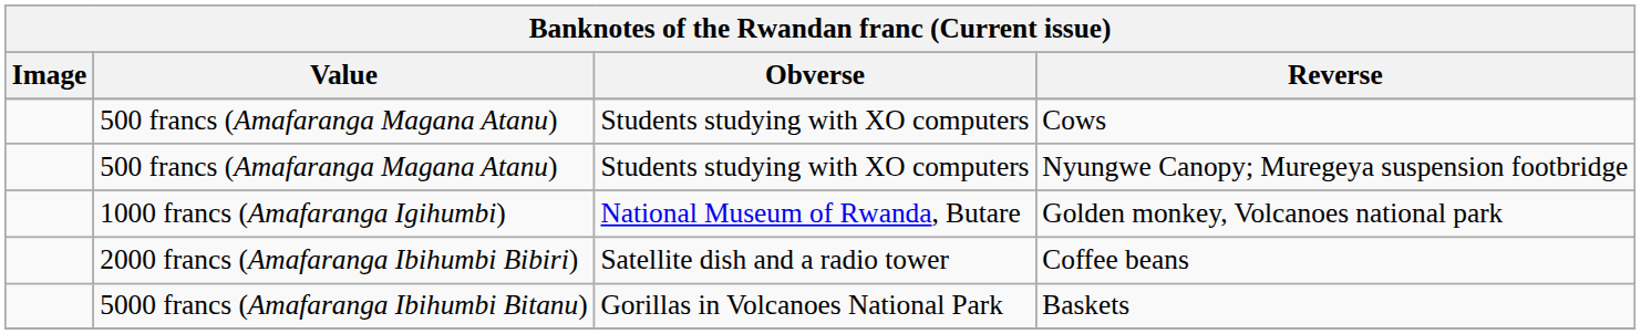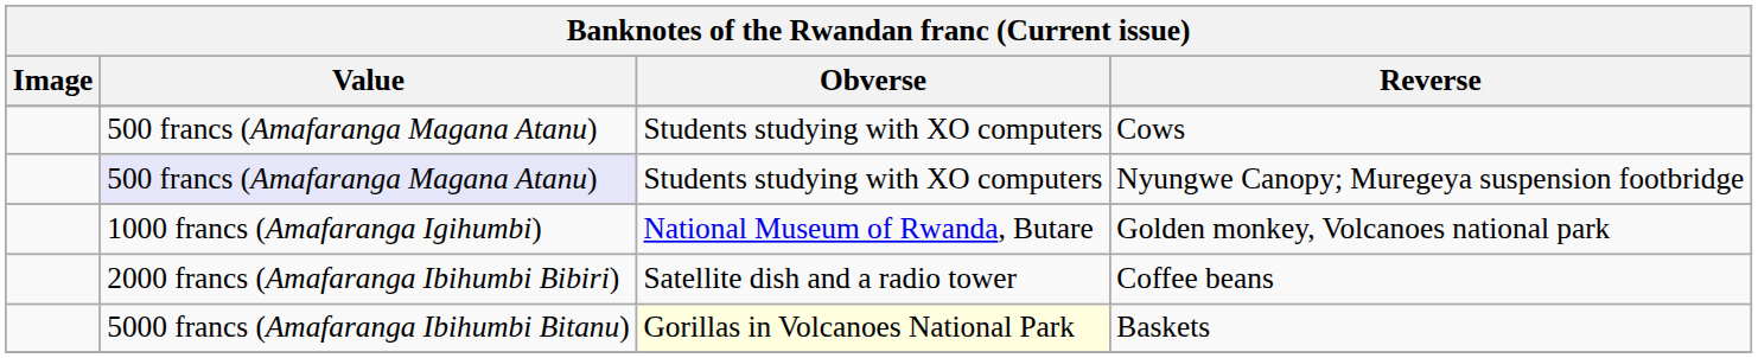 <table class="wikitable" style="font-size: 90%">
 <tr>
 <th colspan="5">Banknotes of the Rwandan franc (Current issue)</th>
 </tr>
 <tr>
 <th>Image</th>
 <th>Value</th>
 <th>Obverse</th>
 <th>Reverse</th>
 </tr>
 <tr>
 </tr>
 <tr>
 <td></td>
 <td>500 francs (<em>Amafaranga Magana Atanu</em>)</td>
 <td>Students studying with XO computers</td>
 <td>Cows</td>
 </tr>
 <tr>
 <td></td>
-<td>500 francs (<em>Amafaranga Magana Atanu</em>)</td>
+<td style="background: lavender;">500 francs (<em>Amafaranga Magana Atanu</em>)</td>
 <td>Students studying with XO computers</td>
 <td>Nyungwe Canopy; Muregeya suspension footbridge</td>
 </tr>
 <tr>
 <td></td>
 <td>1000 francs (<em>Amafaranga Igihumbi</em>)</td>
 <td><a href='#'>National Museum of Rwanda</a>, Butare</td>
 <td>Golden monkey, Volcanoes national park</td>
 </tr>
 <tr>
 <td></td>
 <td>2000 francs (<em>Amafaranga Ibihumbi Bibiri</em>)</td>
 <td>Satellite dish and a radio tower</td>
 <td>Coffee beans</td>
 </tr>
 <tr>
 <td></td>
 <td>5000 francs (<em>Amafaranga Ibihumbi Bitanu</em>)</td>
-<td>Gorillas in Volcanoes National Park</td>
+<td style="background: lightyellow;">Gorillas in Volcanoes National Park</td>
 <td>Baskets</td>
 </tr>
 <tr>
 </tr>
 </table>
